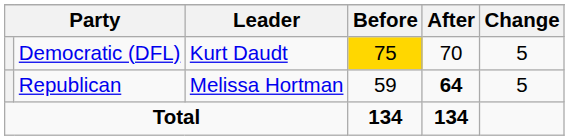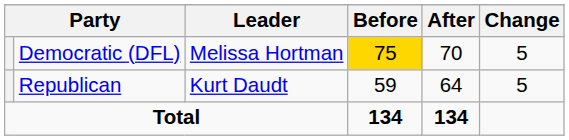 <table class="wikitable" style="text-align:center;">
 <tr>
 </tr>
 <tr>
 <th colspan=2>Party</th>
 <th>Leader</th>
 <th>Before</th>
 <th>After</th>
 <th>Change</th>
 </tr>
 <tr>
 <th style="background-color:"></th>
 <td style="text-align:left;"><a href='#'>Democratic (DFL)</a></td>
-<td style="text-align:left;"><a href='#'>Kurt Daudt</a></td>
+<td style="text-align:left;"><a href='#'>Melissa Hortman</a></td>
 <td style="background: gold;">75</td>
 <td>70</td>
 <td> 5</td>
 </tr>
 <tr>
 <th style="background-color:"></th>
 <td style="text-align:left;"><a href='#'>Republican</a></td>
-<td style="text-align:left;"><a href='#'>Melissa Hortman</a></td>
+<td style="text-align:left;"><a href='#'>Kurt Daudt</a></td>
 <td>59</td>
-<td><strong>64</strong></td>
+<td>64</td>
 <td> 5</td>
 </tr>
 <tr>
 <td colspan=3><strong>Total</strong></td>
 <td><strong>134</strong></td>
 <td><strong>134</strong></td>
 <td></td>
 </tr>
 </table>
